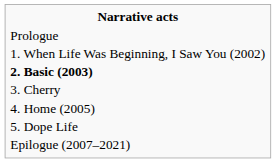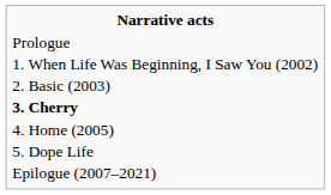 <table class="infobox">
 <tr>
 <th style="font-size:100%; text-align:center;">Narrative acts</th>
 </tr>
 <tr>
 <td>Prologue</td>
 </tr>
 <tr>
 <td>1. When Life Was Beginning, I Saw You (2002)</td>
 </tr>
 <tr>
-<td><strong>2. Basic (2003)</strong></td>
+<td>2. Basic (2003)</td>
 </tr>
 <tr>
-<td>3. Cherry</td>
+<td><strong>3. Cherry</strong></td>
 </tr>
 <tr>
 <td>4. Home (2005)</td>
 </tr>
 <tr>
 <td>5. Dope Life</td>
 </tr>
 <tr>
 <td>Epilogue (2007–2021)</td>
 </tr>
 </table>
